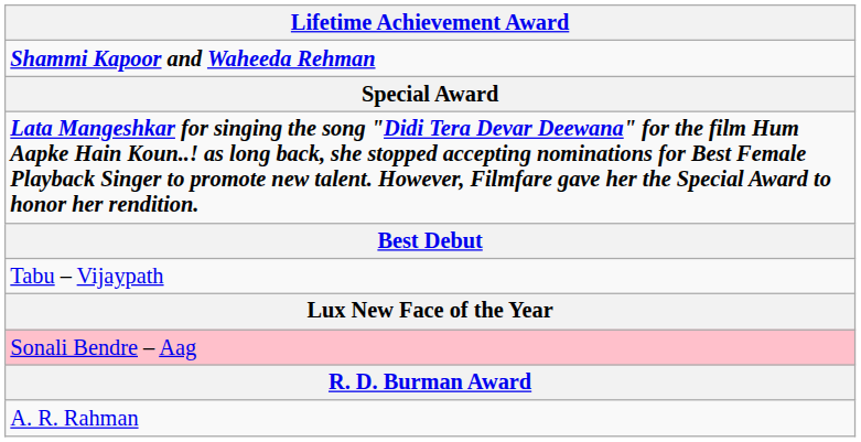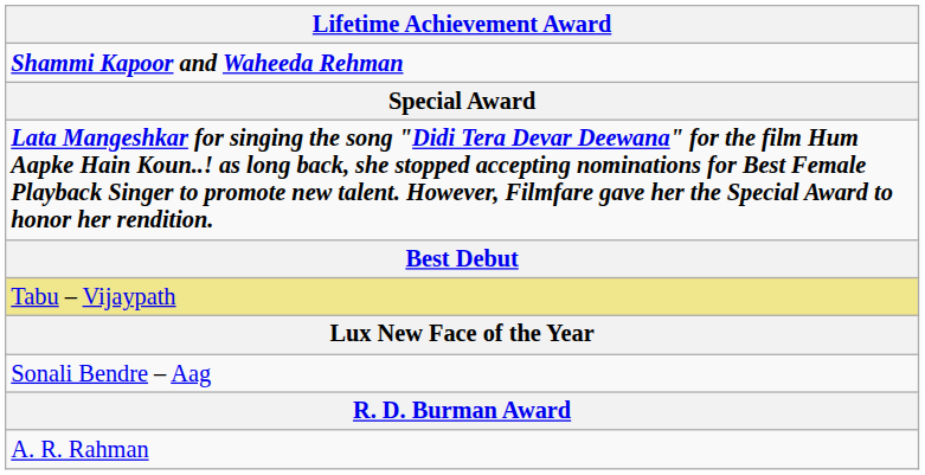 <table class="wikitable">
 <tr>
 <th colspan="2"><a href='#'>Lifetime Achievement Award</a></th>
 </tr>
 <tr>
 <td><strong> <em><a href='#'>Shammi Kapoor</a> and <a href='#'>Waheeda Rehman</a></em> </strong></td>
 </tr>
 <tr>
 <th colspan="2">Special Award</th>
 </tr>
 <tr>
 <td><strong><em><a href='#'>Lata Mangeshkar</a><em> <strong>for singing the song "<a href='#'>Didi Tera Devar Deewana</a>" for the film </em>Hum Aapke Hain Koun..!<em> as long back, she stopped accepting nominations for Best Female Playback Singer to promote new talent. However, Filmfare gave her the Special Award to honor her rendition.</td>
 </tr>
 <tr>
 <th colspan=2><a href='#'>Best Debut</a></th>
 </tr>
 <tr>
-<td></strong> </em><a href='#'>Tabu</a> – <a href='#'>Vijaypath</a><em> <strong></td>
+<td style="background: khaki;"></strong> </em><a href='#'>Tabu</a> – <a href='#'>Vijaypath</a><em> <strong></td>
 </tr>
 <tr>
 <th colspan=2>Lux New Face of the Year</th>
 </tr>
 <tr>
-<td style="background: pink;"></strong> </em><a href='#'>Sonali Bendre</a> – <a href='#'>Aag</a><em> <strong></td>
+<td></strong> </em><a href='#'>Sonali Bendre</a> – <a href='#'>Aag</a><em> <strong></td>
 </tr>
 <tr>
 <th colspan="2"><a href='#'>R. D. Burman Award</a></th>
 </tr>
 <tr>
 <td></strong> </em><a href='#'>A. R. Rahman</a><em> <strong></td>
 </tr>
 </table>
